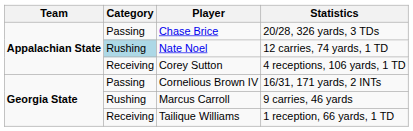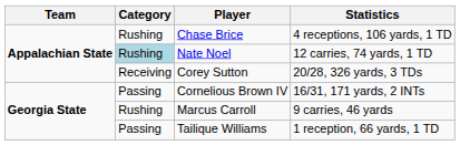 <table class="wikitable" style="float: left;">
 <tr>
 <th>Team</th>
 <th>Category</th>
 <th>Player</th>
 <th>Statistics</th>
 </tr>
 <tr>
 <td rowspan=3><strong>Appalachian State</strong></td>
-<td>Passing</td>
+<td>Rushing</td>
 <td><a href='#'>Chase Brice</a></td>
-<td>20/28, 326 yards, 3 TDs</td>
+<td>4 receptions, 106 yards, 1 TD</td>
 </tr>
 <tr>
 <td style="background: lightblue;">Rushing</td>
 <td><a href='#'>Nate Noel</a></td>
 <td>12 carries, 74 yards, 1 TD</td>
 </tr>
 <tr>
 <td>Receiving</td>
 <td>Corey Sutton</td>
-<td>4 receptions, 106 yards, 1 TD</td>
+<td>20/28, 326 yards, 3 TDs</td>
 </tr>
 <tr>
 <td rowspan=3><strong>Georgia State</strong></td>
 <td>Passing</td>
 <td>Cornelious Brown IV</td>
 <td>16/31, 171 yards, 2 INTs</td>
 </tr>
 <tr>
 <td>Rushing</td>
 <td>Marcus Carroll</td>
 <td>9 carries, 46 yards</td>
 </tr>
 <tr>
-<td>Receiving</td>
+<td>Passing</td>
 <td>Tailique Williams</td>
 <td>1 reception, 66 yards, 1 TD</td>
 </tr>
 </table>
